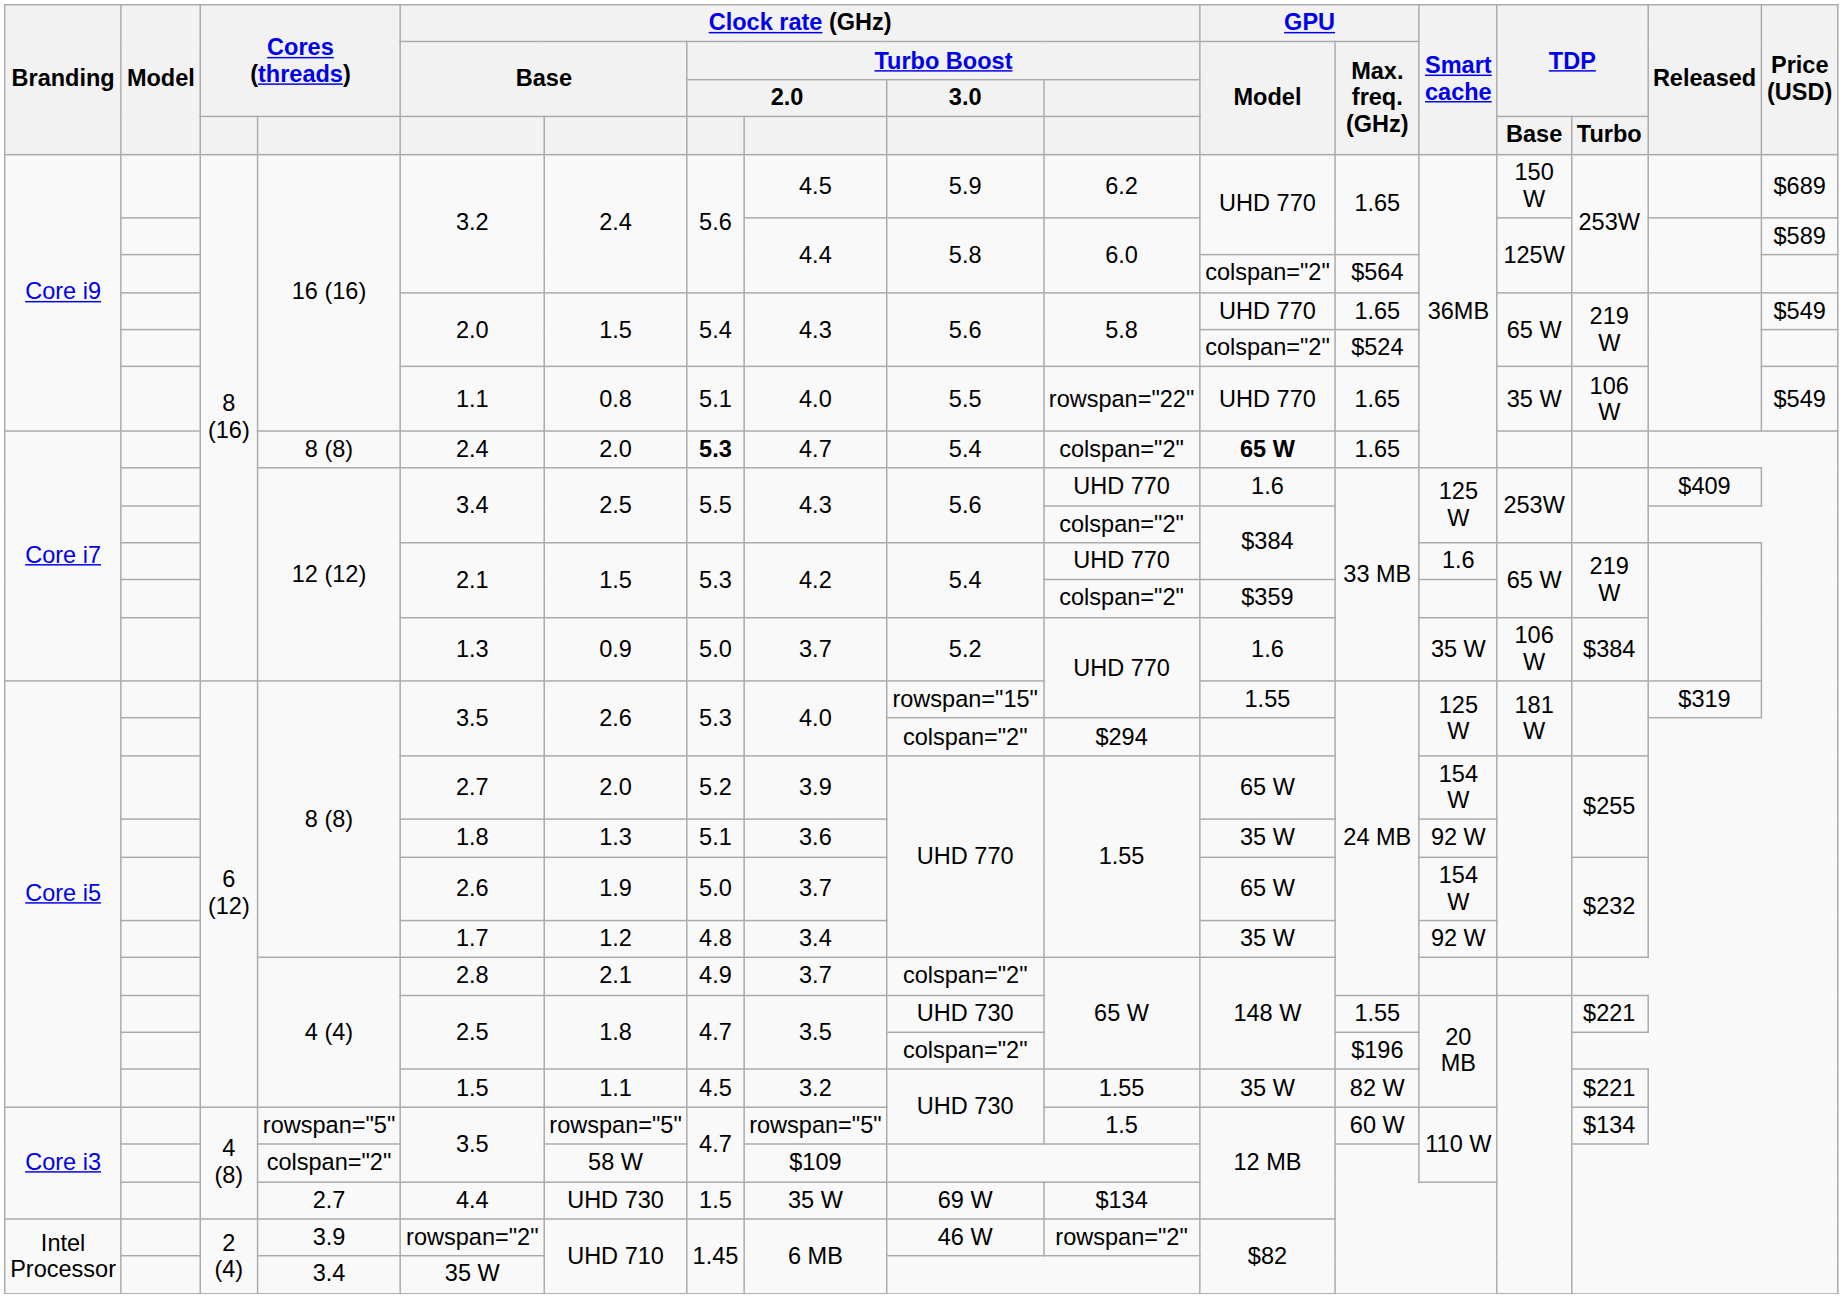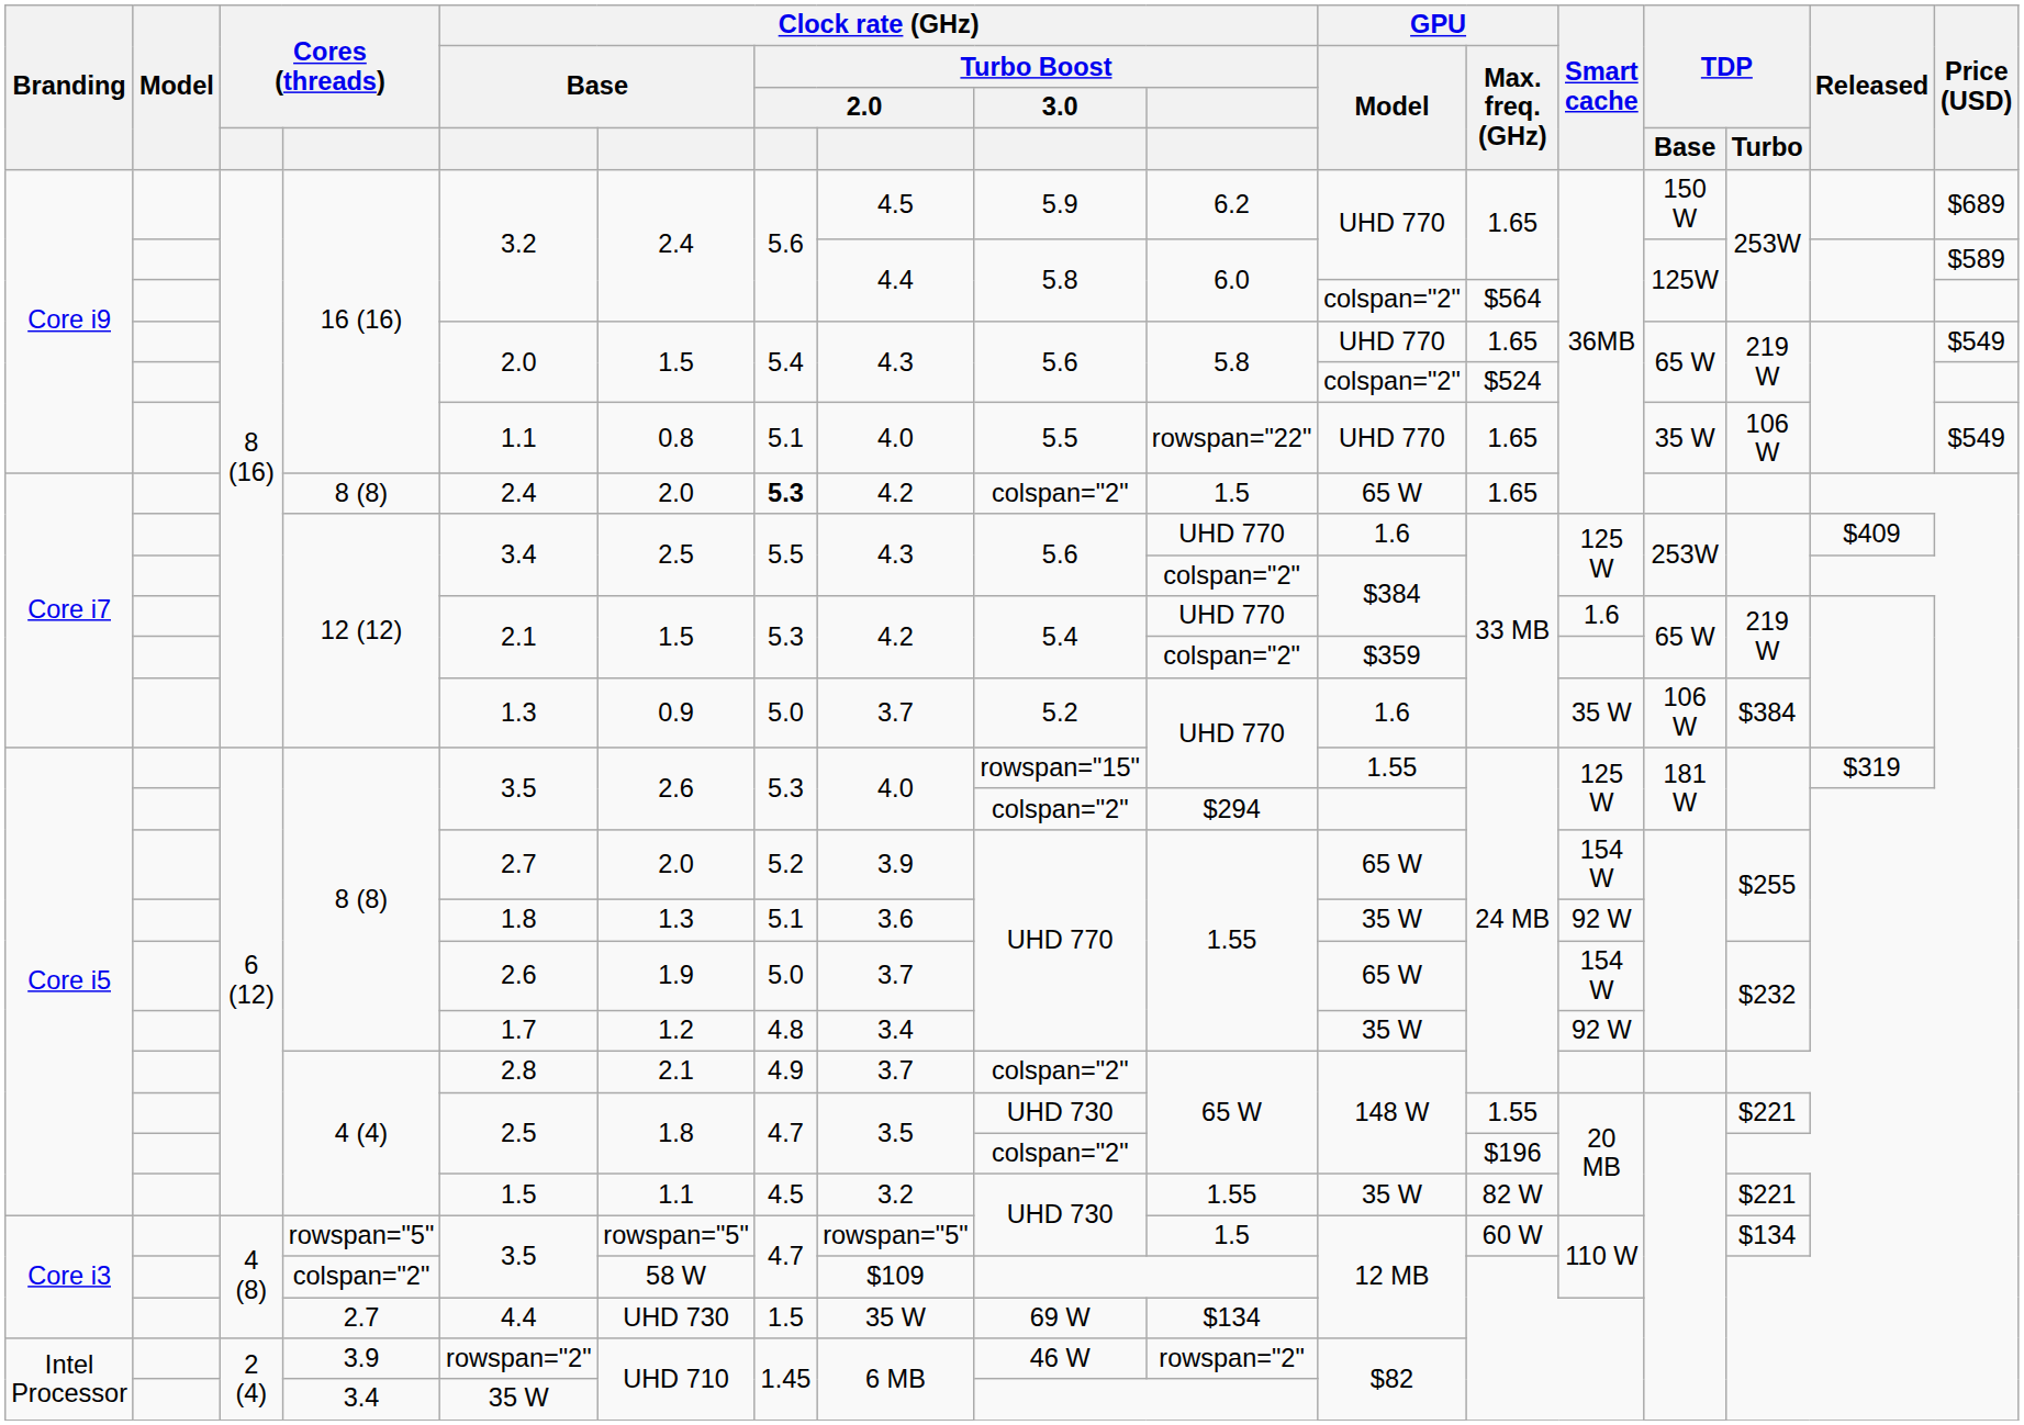 <table class="wikitable sortable" style="text-align:center;">
 <tr>
 <th rowspan="4">Branding</th>
 <th rowspan="4">Model</th>
 <th colspan="2" rowspan="3"><a href='#'>Cores</a><br>(<a href='#'>threads</a>)</th>
 <th colspan="6"><a href='#'>Clock rate</a> (GHz)</th>
 <th colspan="2"><a href='#'>GPU</a></th>
 <th rowspan="4"><a href='#'>Smart<br>cache</a></th>
 <th colspan="2" rowspan="3"><a href='#'>TDP</a></th>
 <th rowspan="4">Released</th>
 <th rowspan="4">Price <br> (USD)</th>
 </tr>
 <tr>
 <th colspan="2" rowspan="2">Base</th>
 <th colspan="4"><a href='#'>Turbo Boost</a></th>
 <th rowspan="3">Model</th>
 <th rowspan="3">Max. freq.<br>(GHz)</th>
 </tr>
 <tr>
 <th colspan="2">2.0</th>
 <th>3.0</th>
 <th></th>
 </tr>
 <tr>
 <th></th>
 <th></th>
 <th></th>
 <th></th>
 <th></th>
 <th></th>
 <th></th>
 <th></th>
 <th>Base</th>
 <th>Turbo</th>
 </tr>
 <tr>
 <td rowspan="6"><a href='#'>Core i9</a></td>
 <td></td>
 <td rowspan="12">8 (16)</td>
 <td rowspan="6">16 (16)</td>
 <td rowspan="3">3.2</td>
 <td rowspan="3">2.4</td>
 <td rowspan="3">5.6</td>
 <td>4.5</td>
 <td>5.9</td>
 <td>6.2</td>
 <td rowspan="2">UHD 770</td>
 <td rowspan="2">1.65</td>
 <td rowspan="7">36MB</td>
 <td>150 W</td>
 <td rowspan="3">253W</td>
 <td></td>
 <td>$689</td>
 </tr>
 <tr>
 <td></td>
 <td rowspan="2">4.4</td>
 <td rowspan="2">5.8</td>
 <td rowspan="2">6.0</td>
 <td rowspan="2">125W</td>
 <td rowspan="2"></td>
 <td>$589</td>
 </tr>
 <tr>
 <td></td>
 <td>colspan="2" </td>
 <td>$564</td>
 </tr>
 <tr>
 <td></td>
 <td rowspan="2">2.0</td>
 <td rowspan="2">1.5</td>
 <td rowspan="2">5.4</td>
 <td rowspan="2">4.3</td>
 <td rowspan="2">5.6</td>
 <td rowspan="2">5.8</td>
 <td>UHD 770</td>
 <td>1.65</td>
 <td rowspan="2">65 W</td>
 <td rowspan="2">219 W</td>
 <td rowspan="3"></td>
 <td>$549</td>
 </tr>
 <tr>
 <td></td>
 <td>colspan="2" </td>
 <td>$524</td>
 </tr>
 <tr>
 <td></td>
 <td>1.1</td>
 <td>0.8</td>
 <td>5.1</td>
 <td>4.0</td>
 <td>5.5</td>
 <td>rowspan="22" </td>
 <td>UHD 770</td>
 <td>1.65</td>
 <td>35 W</td>
 <td>106 W</td>
 <td>$549</td>
 </tr>
 <tr>
 <td rowspan="6"><a href='#'>Core i7</a></td>
 <td></td>
 <td>8 (8)</td>
 <td>2.4</td>
 <td>2.0</td>
 <td><strong>5.3</strong></td>
-<td>4.7</td>
-<td>5.4</td>
+<td>4.2</td>
 <td>colspan="2" </td>
-<td><strong>65 W</strong></td>
+<td>1.5</td>
+<td>65 W</td>
 <td>1.65</td>
 <td></td>
 <td style="line-height:100%"></td>
 </tr>
 <tr>
 <td></td>
 <td rowspan="5">12 (12)</td>
 <td rowspan="2">3.4</td>
 <td rowspan="2">2.5</td>
 <td rowspan="2">5.5</td>
 <td rowspan="2">4.3</td>
 <td rowspan="2">5.6</td>
 <td>UHD 770</td>
 <td>1.6</td>
 <td rowspan="5">33 MB</td>
 <td rowspan="2">125 W</td>
 <td rowspan="2">253W</td>
 <td rowspan="2"></td>
 <td>$409</td>
 </tr>
 <tr>
 <td></td>
 <td>colspan="2" </td>
 <td rowspan="2">$384</td>
 </tr>
 <tr>
 <td></td>
 <td rowspan="2">2.1</td>
 <td rowspan="2">1.5</td>
 <td rowspan="2">5.3</td>
 <td rowspan="2">4.2</td>
 <td rowspan="2">5.4</td>
 <td>UHD 770</td>
 <td>1.6</td>
 <td rowspan="2">65 W</td>
 <td rowspan="2">219 W</td>
 <td rowspan="3"></td>
 </tr>
 <tr>
 <td></td>
 <td>colspan="2" </td>
 <td>$359</td>
 </tr>
 <tr>
 <td></td>
 <td>1.3</td>
 <td>0.9</td>
 <td>5.0</td>
 <td>3.7</td>
 <td>5.2</td>
 <td rowspan="2">UHD 770</td>
 <td>1.6</td>
 <td>35 W</td>
 <td>106 W</td>
 <td>$384</td>
 </tr>
 <tr>
 <td rowspan="10"><a href='#'>Core i5</a></td>
 <td></td>
 <td rowspan="10">6 (12)</td>
 <td rowspan="6">8 (8)</td>
 <td rowspan="2">3.5</td>
 <td rowspan="2">2.6</td>
 <td rowspan="2">5.3</td>
 <td rowspan="2">4.0</td>
 <td>rowspan="15" </td>
 <td>1.55</td>
 <td rowspan="7">24 MB</td>
 <td rowspan="2">125 W</td>
 <td rowspan="2">181 W</td>
 <td rowspan="2"></td>
 <td>$319</td>
 </tr>
 <tr>
 <td></td>
 <td>colspan="2" </td>
 <td>$294</td>
 </tr>
 <tr>
 <td></td>
 <td>2.7</td>
 <td>2.0</td>
 <td>5.2</td>
 <td>3.9</td>
 <td rowspan="4">UHD 770</td>
 <td rowspan="4">1.55</td>
 <td>65 W</td>
 <td>154 W</td>
 <td rowspan="4"></td>
 <td rowspan="2">$255</td>
 </tr>
 <tr>
 <td></td>
 <td>1.8</td>
 <td>1.3</td>
 <td>5.1</td>
 <td>3.6</td>
 <td>35 W</td>
 <td>92 W</td>
 </tr>
 <tr>
 <td></td>
 <td>2.6</td>
 <td>1.9</td>
 <td>5.0</td>
 <td>3.7</td>
 <td>65 W</td>
 <td>154 W</td>
 <td rowspan="2">$232</td>
 </tr>
 <tr>
 <td></td>
 <td>1.7</td>
 <td>1.2</td>
 <td>4.8</td>
 <td>3.4</td>
 <td>35 W</td>
 <td>92 W</td>
 </tr>
 <tr>
 <td></td>
 <td rowspan="4">4 (4)</td>
 <td>2.8</td>
 <td>2.1</td>
 <td>4.9</td>
 <td>3.7</td>
 <td>colspan="2" </td>
 <td rowspan="3">65 W</td>
 <td rowspan="3">148 W</td>
 <td></td>
 <td style="line-height:100%"></td>
 </tr>
 <tr>
 <td></td>
 <td rowspan="2">2.5</td>
 <td rowspan="2">1.8</td>
 <td rowspan="2">4.7</td>
 <td rowspan="2">3.5</td>
 <td>UHD 730</td>
 <td>1.55</td>
 <td rowspan="3">20 MB</td>
 <td rowspan="8"></td>
 <td>$221</td>
 </tr>
 <tr>
 <td></td>
 <td>colspan="2" </td>
 <td>$196</td>
 </tr>
 <tr>
 <td></td>
 <td>1.5</td>
 <td>1.1</td>
 <td>4.5</td>
 <td>3.2</td>
 <td rowspan="2">UHD 730</td>
 <td>1.55</td>
 <td>35 W</td>
 <td>82 W</td>
 <td>$221</td>
 </tr>
 <tr>
 <td rowspan="3"><a href='#'>Core i3</a></td>
 <td></td>
 <td rowspan="3">4 (8)</td>
 <td>rowspan="5" </td>
 <td rowspan="2">3.5</td>
 <td>rowspan="5" </td>
 <td rowspan="2">4.7</td>
 <td>rowspan="5" </td>
 <td>1.5</td>
 <td rowspan="3">12 MB</td>
 <td>60 W</td>
 <td rowspan="2">110 W</td>
 <td>$134</td>
 </tr>
 <tr>
 <td></td>
 <td>colspan="2" </td>
 <td>58 W</td>
 <td>$109</td>
 </tr>
 <tr>
 <td></td>
 <td>2.7</td>
 <td>4.4</td>
 <td>UHD 730</td>
 <td>1.5</td>
 <td>35 W</td>
 <td>69 W</td>
 <td>$134</td>
 </tr>
 <tr>
 <td rowspan="2">Intel <br> Processor</td>
 <td></td>
 <td rowspan="2">2 (4)</td>
 <td>3.9</td>
 <td>rowspan="2" </td>
 <td rowspan="2">UHD 710</td>
 <td rowspan="2">1.45</td>
 <td rowspan="2">6 MB</td>
 <td>46 W</td>
 <td>rowspan="2" </td>
 <td rowspan="2">$82</td>
 </tr>
 <tr>
 <td></td>
 <td>3.4</td>
 <td>35 W</td>
 </tr>
 <tr>
 </tr>
 </table>
